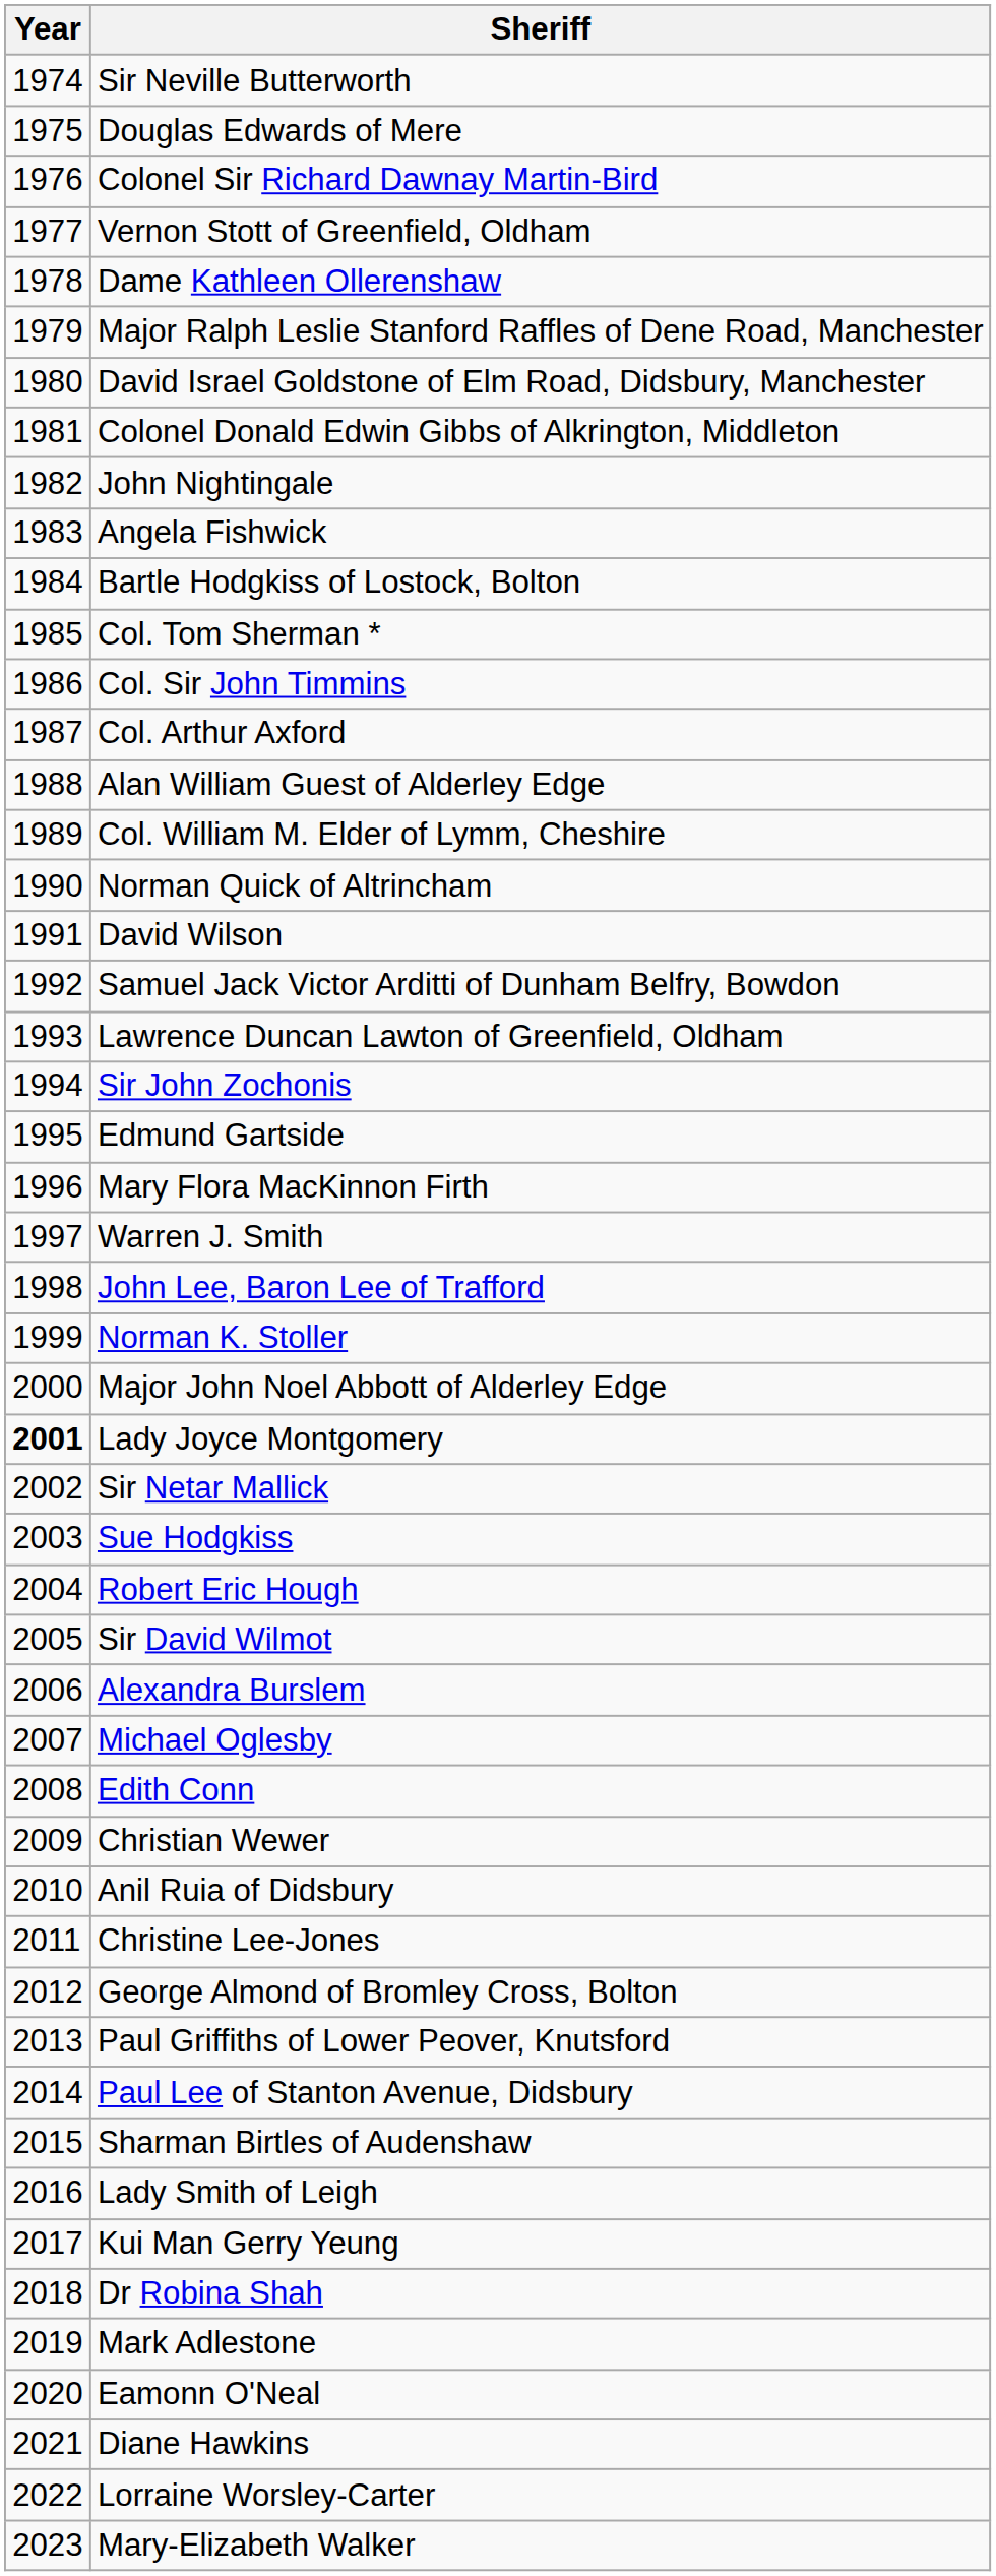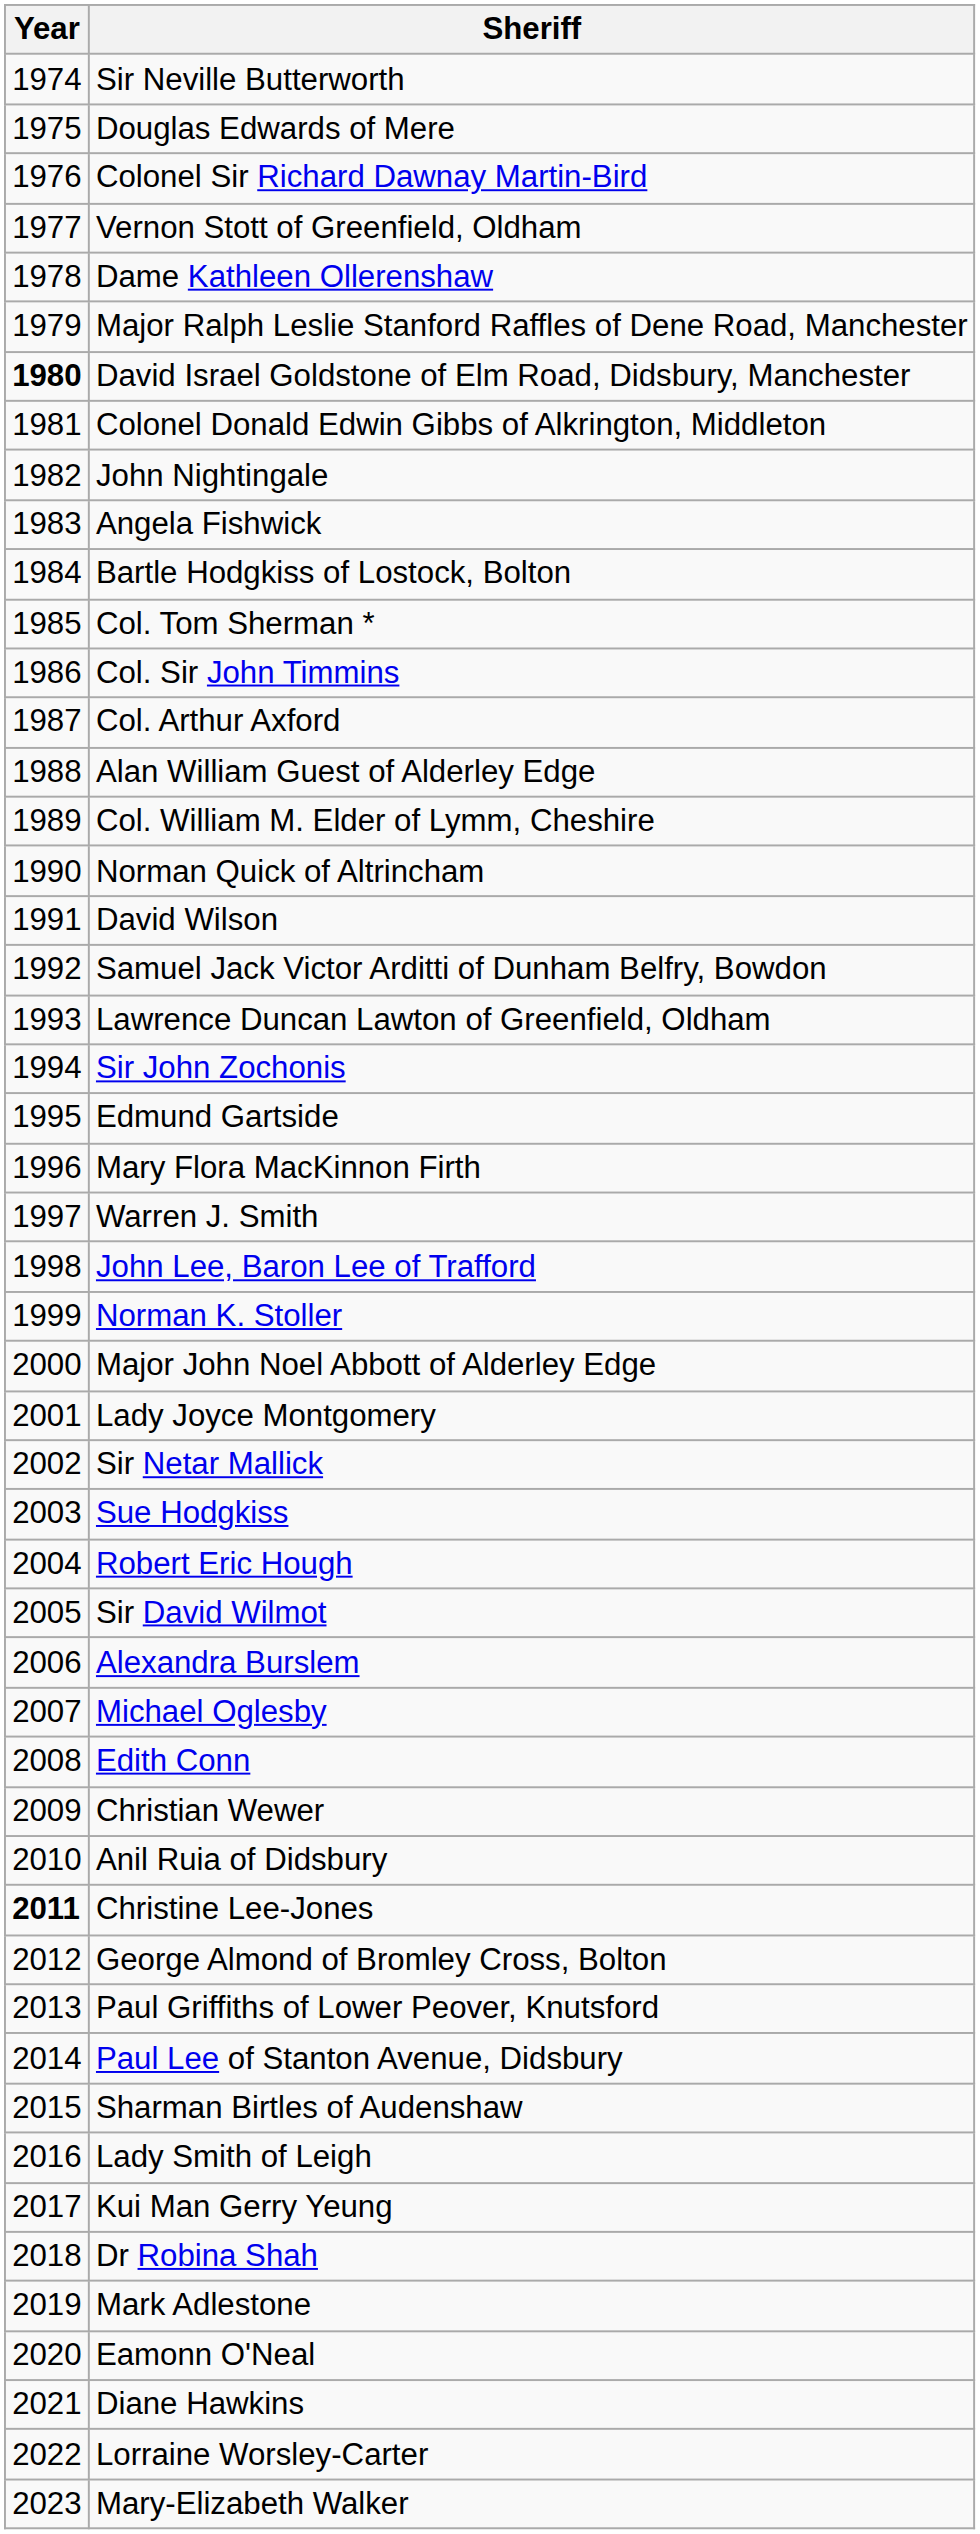 <table class="wikitable sortable">
 <tr>
 <th>Year</th>
 <th>Sheriff</th>
 </tr>
 <tr>
 <td>1974</td>
 <td>Sir Neville Butterworth</td>
 </tr>
 <tr>
 <td>1975</td>
 <td>Douglas Edwards of Mere </td>
 </tr>
 <tr>
 <td>1976</td>
 <td>Colonel Sir <a href='#'>Richard Dawnay Martin-Bird</a></td>
 </tr>
 <tr>
 <td>1977</td>
 <td>Vernon Stott of Greenfield, Oldham </td>
 </tr>
 <tr>
 <td>1978</td>
 <td>Dame <a href='#'>Kathleen Ollerenshaw</a></td>
 </tr>
 <tr>
 <td>1979</td>
 <td>Major Ralph Leslie Stanford Raffles of Dene Road, Manchester </td>
 </tr>
 <tr>
-<td>1980</td>
+<td><strong>1980</strong></td>
 <td>David Israel Goldstone of Elm Road, Didsbury, Manchester </td>
 </tr>
 <tr>
 <td>1981</td>
 <td>Colonel Donald Edwin Gibbs of Alkrington, Middleton</td>
 </tr>
 <tr>
 <td>1982</td>
 <td>John Nightingale</td>
 </tr>
 <tr>
 <td>1983</td>
 <td>Angela Fishwick</td>
 </tr>
 <tr>
 <td>1984</td>
 <td>Bartle Hodgkiss of Lostock, Bolton </td>
 </tr>
 <tr>
 <td>1985</td>
 <td>Col. Tom Sherman *</td>
 </tr>
 <tr>
 <td>1986</td>
 <td>Col. Sir <a href='#'>John Timmins</a></td>
 </tr>
 <tr>
 <td>1987</td>
 <td>Col. Arthur Axford</td>
 </tr>
 <tr>
 <td>1988</td>
 <td>Alan William Guest of Alderley Edge</td>
 </tr>
 <tr>
 <td>1989</td>
 <td>Col. William M. Elder of Lymm, Cheshire</td>
 </tr>
 <tr>
 <td>1990</td>
 <td>Norman Quick of Altrincham</td>
 </tr>
 <tr>
 <td>1991</td>
 <td>David Wilson</td>
 </tr>
 <tr>
 <td>1992</td>
 <td>Samuel Jack Victor Arditti of Dunham Belfry, Bowdon</td>
 </tr>
 <tr>
 <td>1993</td>
 <td>Lawrence Duncan Lawton of Greenfield, Oldham </td>
 </tr>
 <tr>
 <td>1994</td>
 <td><a href='#'>Sir John Zochonis</a></td>
 </tr>
 <tr>
 <td>1995</td>
 <td>Edmund Gartside</td>
 </tr>
 <tr>
 <td>1996</td>
 <td>Mary Flora MacKinnon Firth</td>
 </tr>
 <tr>
 <td>1997</td>
 <td>Warren J. Smith</td>
 </tr>
 <tr>
 <td>1998</td>
 <td><a href='#'>John Lee, Baron Lee of Trafford</a></td>
 </tr>
 <tr>
 <td>1999</td>
 <td><a href='#'>Norman K. Stoller</a></td>
 </tr>
 <tr>
 <td>2000</td>
 <td>Major John Noel Abbott of Alderley Edge</td>
 </tr>
 <tr>
-<td><strong>2001</strong></td>
+<td>2001</td>
 <td>Lady Joyce Montgomery</td>
 </tr>
 <tr>
 <td>2002</td>
 <td>Sir <a href='#'>Netar Mallick</a></td>
 </tr>
 <tr>
 <td>2003</td>
 <td><a href='#'>Sue Hodgkiss</a></td>
 </tr>
 <tr>
 <td>2004</td>
 <td><a href='#'>Robert Eric Hough</a></td>
 </tr>
 <tr>
 <td>2005</td>
 <td>Sir <a href='#'>David Wilmot</a></td>
 </tr>
 <tr>
 <td>2006</td>
 <td><a href='#'>Alexandra Burslem</a></td>
 </tr>
 <tr>
 <td>2007</td>
 <td><a href='#'>Michael Oglesby</a></td>
 </tr>
 <tr>
 <td>2008</td>
 <td><a href='#'>Edith Conn</a></td>
 </tr>
 <tr>
 <td>2009</td>
 <td>Christian Wewer</td>
 </tr>
 <tr>
 <td>2010</td>
 <td>Anil Ruia of Didsbury</td>
 </tr>
 <tr>
-<td>2011</td>
+<td><strong>2011</strong></td>
 <td>Christine Lee-Jones</td>
 </tr>
 <tr>
 <td>2012</td>
 <td>George Almond of Bromley Cross, Bolton</td>
 </tr>
 <tr>
 <td>2013</td>
 <td>Paul Griffiths of Lower Peover, Knutsford</td>
 </tr>
 <tr>
 <td>2014</td>
 <td><a href='#'>Paul Lee</a> of Stanton Avenue, Didsbury</td>
 </tr>
 <tr>
 <td>2015</td>
 <td>Sharman Birtles of Audenshaw</td>
 </tr>
 <tr>
 <td>2016</td>
 <td>Lady Smith of Leigh</td>
 </tr>
 <tr>
 <td>2017</td>
 <td>Kui Man Gerry Yeung</td>
 </tr>
 <tr>
 <td>2018</td>
 <td>Dr <a href='#'>Robina Shah</a></td>
 </tr>
 <tr>
 <td>2019</td>
 <td>Mark Adlestone</td>
 </tr>
 <tr>
 <td>2020</td>
 <td>Eamonn O'Neal</td>
 </tr>
 <tr>
 <td>2021</td>
 <td>Diane Hawkins</td>
 </tr>
 <tr>
 <td>2022</td>
 <td>Lorraine Worsley-Carter</td>
 </tr>
 <tr>
 <td>2023</td>
 <td>Mary-Elizabeth Walker</td>
 </tr>
 </table>
